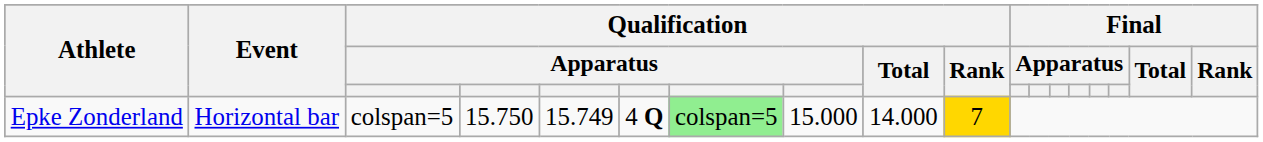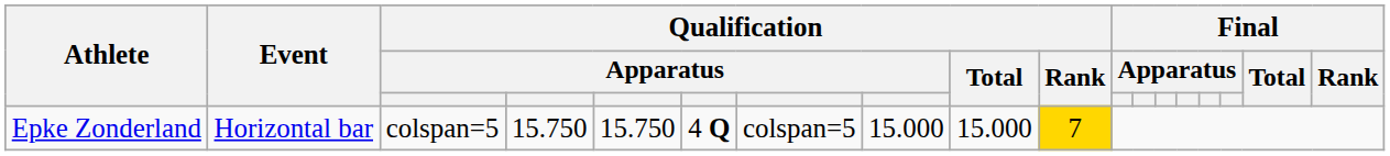 <table class="wikitable" style="font-size:90%">
 <tr>
 <th rowspan=3>Athlete</th>
 <th rowspan=3>Event</th>
 <th colspan =8>Qualification</th>
 <th colspan =8>Final</th>
 </tr>
 <tr style="font-size:95%">
 <th colspan=6>Apparatus</th>
 <th rowspan=2>Total</th>
 <th rowspan=2>Rank</th>
 <th colspan=6>Apparatus</th>
 <th rowspan=2>Total</th>
 <th rowspan=2>Rank</th>
 </tr>
 <tr style="font-size:95%">
 <th></th>
 <th></th>
 <th></th>
 <th></th>
 <th></th>
 <th></th>
 <th></th>
 <th></th>
 <th></th>
 <th></th>
 <th></th>
 <th></th>
 </tr>
 <tr align=center>
 <td align=left><a href='#'>Epke Zonderland</a></td>
 <td align=left><a href='#'>Horizontal bar</a></td>
 <td>colspan=5 </td>
 <td>15.750</td>
-<td>15.749</td>
+<td>15.750</td>
 <td>4 <strong>Q</strong></td>
-<td style="background: lightgreen;">colspan=5 </td>
+<td>colspan=5 </td>
 <td>15.000</td>
-<td>14.000</td>
+<td>15.000</td>
 <td style="background: gold;">7</td>
 </tr>
 </table>
